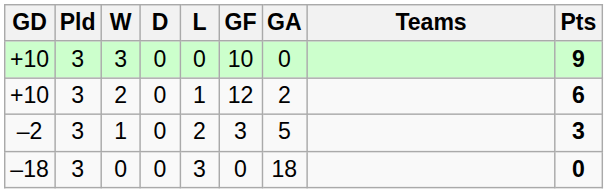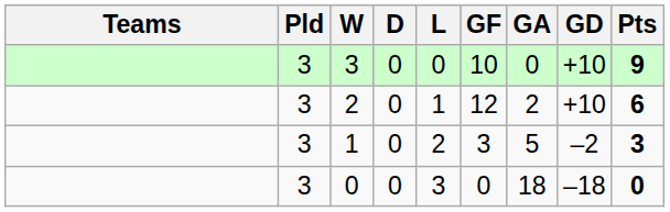 <table class="wikitable" style="text-align: center;">
 <tr>
-<th width=20>GD</th>
+<th width=165>Teams</th>
 <th width=20>Pld</th>
 <th width=20>W</th>
 <th width=20>D</th>
 <th width=20>L</th>
 <th width=20>GF</th>
 <th width=20>GA</th>
-<th width=165>Teams</th>
+<th width=20>GD</th>
 <th width=20>Pts</th>
 </tr>
 <tr align=center style="background:#ccffcc;">
-<td>+10</td>
+<td style="text-align:left;"></td>
 <td>3</td>
 <td>3</td>
 <td>0</td>
 <td>0</td>
 <td>10</td>
 <td>0</td>
-<td style="text-align:left;"></td>
+<td>+10</td>
 <td><strong>9</strong></td>
 </tr>
 <tr align=center>
-<td>+10</td>
+<td style="text-align:left;"></td>
 <td>3</td>
 <td>2</td>
 <td>0</td>
 <td>1</td>
 <td>12</td>
 <td>2</td>
-<td style="text-align:left;"></td>
+<td>+10</td>
 <td><strong>6</strong></td>
 </tr>
 <tr align=center>
-<td>–2</td>
+<td style="text-align:left;"></td>
 <td>3</td>
 <td>1</td>
 <td>0</td>
 <td>2</td>
 <td>3</td>
 <td>5</td>
-<td style="text-align:left;"></td>
+<td>–2</td>
 <td><strong>3</strong></td>
 </tr>
 <tr align=center>
-<td>–18</td>
+<td style="text-align:left;"></td>
 <td>3</td>
 <td>0</td>
 <td>0</td>
 <td>3</td>
 <td>0</td>
 <td>18</td>
-<td style="text-align:left;"></td>
+<td>–18</td>
 <td><strong>0</strong></td>
 </tr>
 </table>
